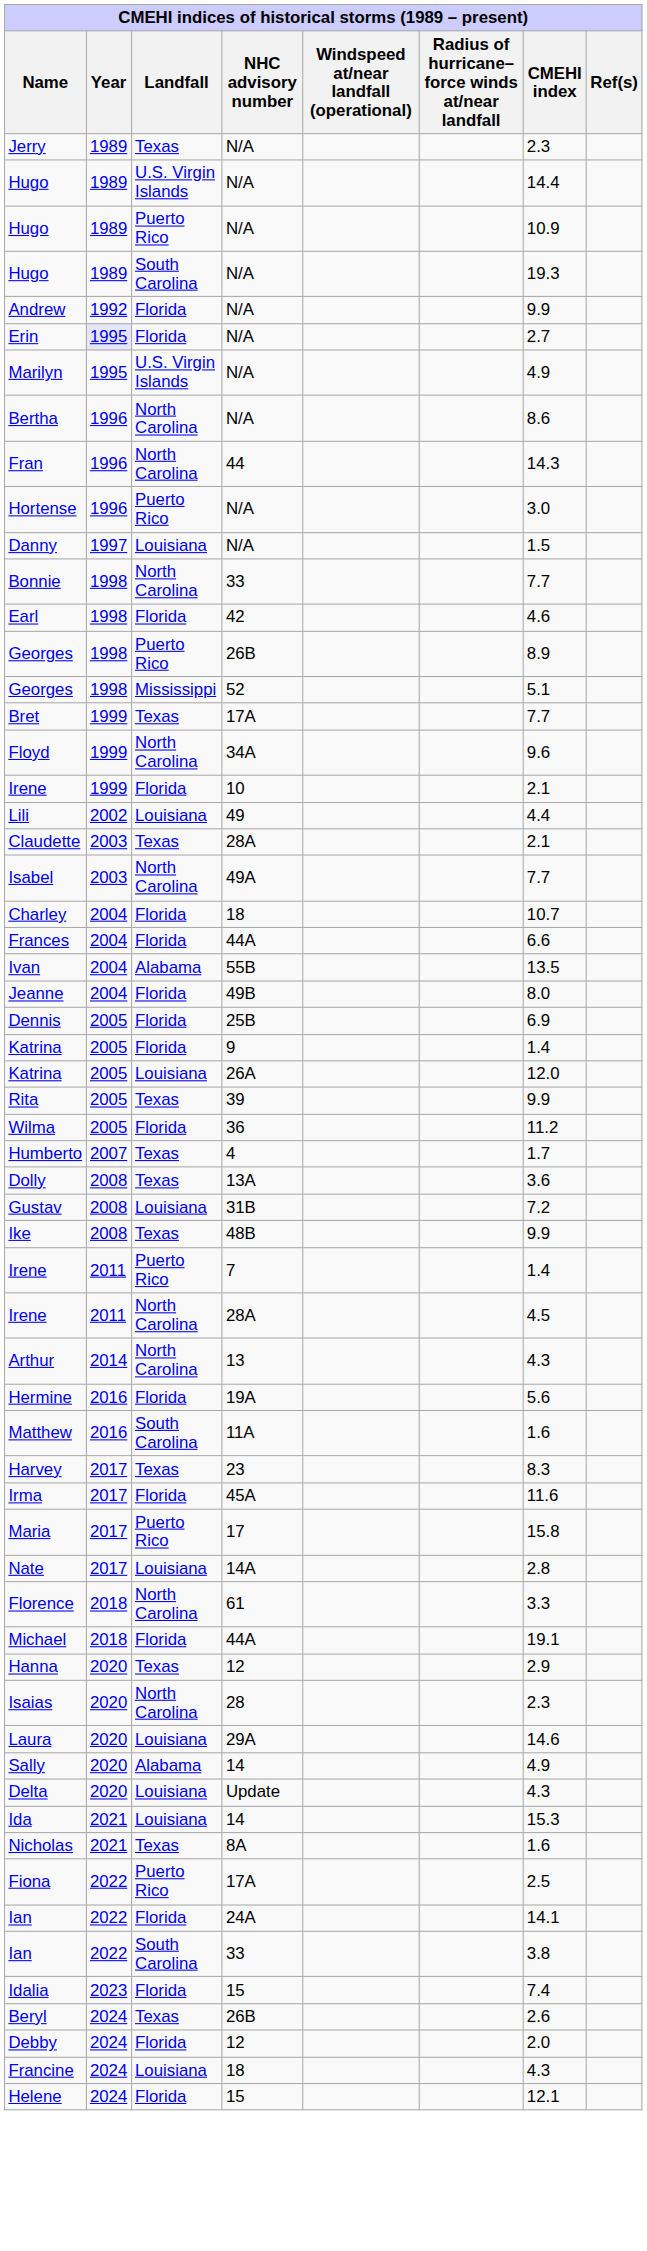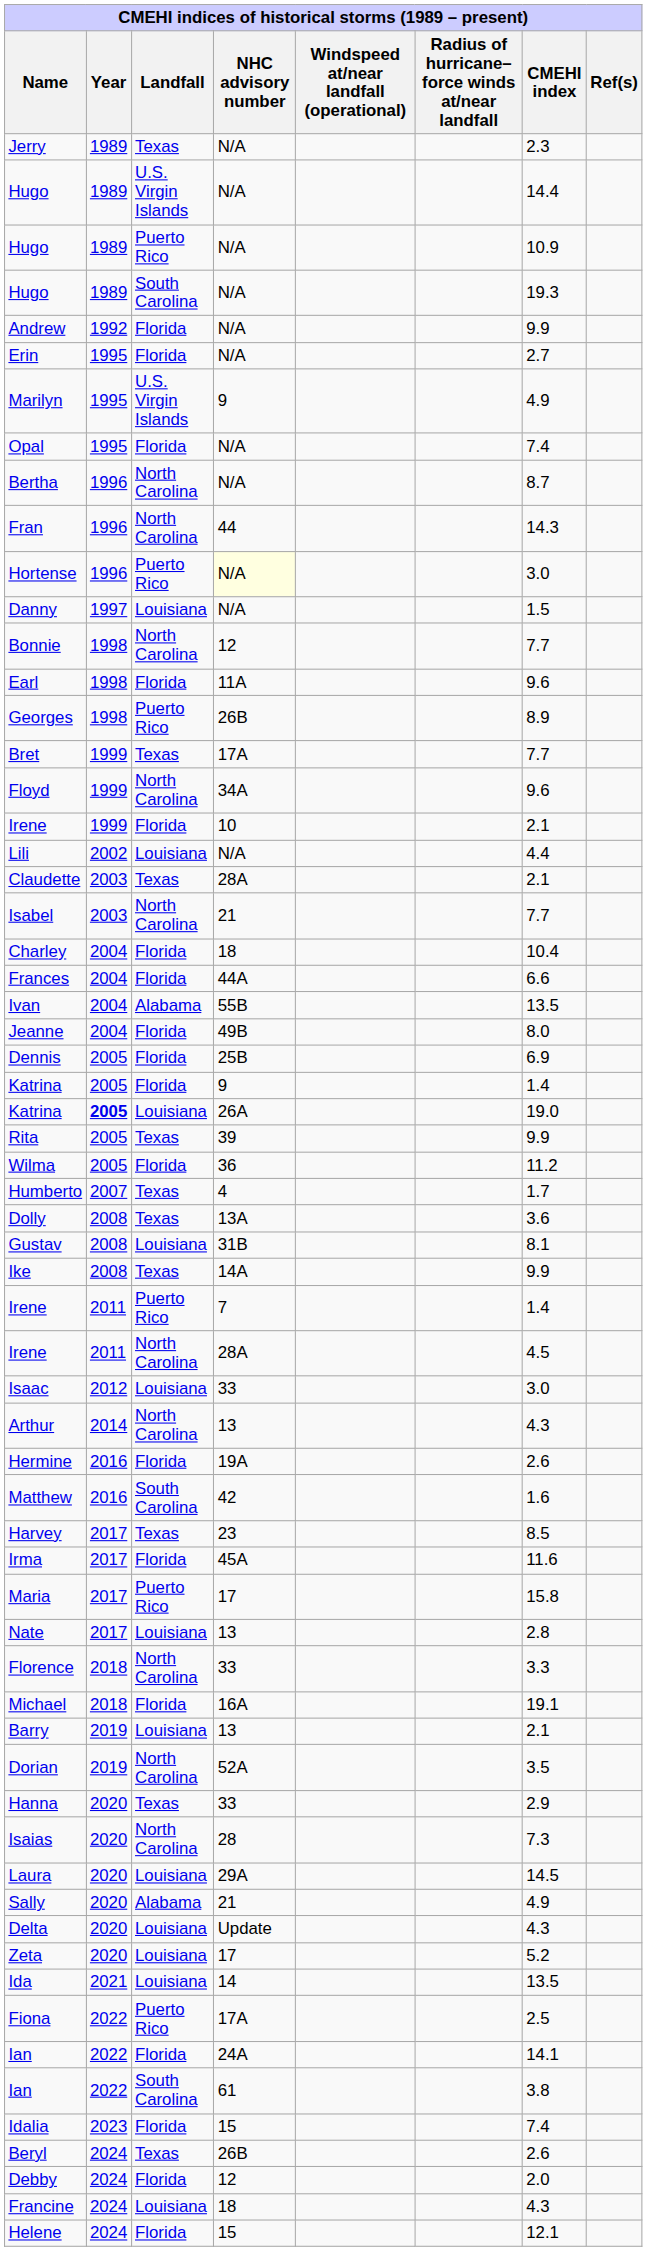 <table class="wikitable sortable">
 <tr>
 <th colspan="8" style="background:#ccf;">CMEHI indices of historical storms (1989 – present)</th>
 </tr>
 <tr>
 <th scope="col">Name</th>
 <th scope="col">Year</th>
 <th scope="col">Landfall</th>
 <th scope="col">NHC advisory number</th>
 <th scope="col">Windspeed at/near landfall (operational)</th>
 <th scope="col">Radius of hurricane–force winds at/near landfall</th>
 <th scope="col">CMEHI index</th>
 <th scope="col">Ref(s)</th>
 </tr>
 <tr>
 <td> <a href='#'>Jerry</a></td>
 <td><a href='#'>1989</a></td>
 <td><a href='#'>Texas</a></td>
 <td>N/A</td>
 <td></td>
 <td></td>
 <td>2.3</td>
 <td></td>
 </tr>
 <tr>
 <td> <a href='#'>Hugo</a></td>
 <td><a href='#'>1989</a></td>
 <td><a href='#'>U.S. Virgin Islands</a></td>
 <td>N/A</td>
 <td></td>
 <td></td>
 <td>14.4</td>
 <td></td>
 </tr>
 <tr>
 <td> <a href='#'>Hugo</a></td>
 <td><a href='#'>1989</a></td>
 <td><a href='#'>Puerto Rico</a></td>
 <td>N/A</td>
 <td></td>
 <td></td>
 <td>10.9</td>
 <td></td>
 </tr>
 <tr>
 <td> <a href='#'>Hugo</a></td>
 <td><a href='#'>1989</a></td>
 <td><a href='#'>South Carolina</a></td>
 <td>N/A</td>
 <td></td>
 <td></td>
 <td>19.3</td>
 <td></td>
 </tr>
 <tr>
 <td> <a href='#'>Andrew</a></td>
 <td><a href='#'>1992</a></td>
 <td><a href='#'>Florida</a></td>
 <td>N/A</td>
 <td></td>
 <td></td>
 <td>9.9</td>
 <td></td>
 </tr>
 <tr>
 <td> <a href='#'>Erin</a></td>
-<td style="background: lavender;"><a href='#'>1995</a></td>
+<td><a href='#'>1995</a></td>
 <td><a href='#'>Florida</a></td>
 <td>N/A</td>
 <td></td>
 <td></td>
 <td>2.7</td>
 <td></td>
 </tr>
 <tr>
 <td> <a href='#'>Marilyn</a></td>
 <td><a href='#'>1995</a></td>
 <td><a href='#'>U.S. Virgin Islands</a></td>
+<td>9</td>
+<td></td>
+<td></td>
+<td>4.9</td>
+<td></td>
+</tr>
+<tr>
+<td> <a href='#'>Opal</a></td>
+<td><a href='#'>1995</a></td>
+<td><a href='#'>Florida</a></td>
 <td>N/A</td>
 <td></td>
 <td></td>
-<td>4.9</td>
+<td>7.4</td>
 <td></td>
 </tr>
 <tr>
 <td> <a href='#'>Bertha</a></td>
 <td><a href='#'>1996</a></td>
 <td><a href='#'>North Carolina</a></td>
 <td>N/A</td>
 <td></td>
 <td></td>
-<td>8.6</td>
+<td>8.7</td>
 <td></td>
 </tr>
 <tr>
 <td> <a href='#'>Fran</a></td>
 <td><a href='#'>1996</a></td>
 <td><a href='#'>North Carolina</a></td>
 <td>44</td>
 <td></td>
 <td></td>
 <td>14.3</td>
 <td></td>
 </tr>
 <tr>
 <td> <a href='#'>Hortense</a></td>
 <td><a href='#'>1996</a></td>
 <td><a href='#'>Puerto Rico</a></td>
-<td>N/A</td>
+<td style="background: lightyellow;">N/A</td>
 <td></td>
 <td></td>
 <td>3.0</td>
 <td></td>
 </tr>
 <tr>
 <td> <a href='#'>Danny</a></td>
 <td><a href='#'>1997</a></td>
 <td><a href='#'>Louisiana</a></td>
 <td>N/A</td>
 <td></td>
 <td></td>
 <td>1.5</td>
 <td></td>
 </tr>
 <tr>
 <td> <a href='#'>Bonnie</a></td>
 <td><a href='#'>1998</a></td>
 <td><a href='#'>North Carolina</a></td>
-<td>33</td>
+<td>12</td>
 <td></td>
 <td></td>
 <td>7.7</td>
 <td></td>
 </tr>
 <tr>
 <td> <a href='#'>Earl</a></td>
 <td><a href='#'>1998</a></td>
 <td><a href='#'>Florida</a></td>
-<td>42</td>
+<td>11A</td>
 <td></td>
 <td></td>
-<td>4.6</td>
+<td>9.6</td>
 <td></td>
 </tr>
 <tr>
 <td> <a href='#'>Georges</a></td>
 <td><a href='#'>1998</a></td>
 <td><a href='#'>Puerto Rico</a></td>
 <td>26B</td>
 <td></td>
 <td></td>
 <td>8.9</td>
-<td></td>
-</tr>
-<tr>
-<td> <a href='#'>Georges</a></td>
-<td><a href='#'>1998</a></td>
-<td><a href='#'>Mississippi</a></td>
-<td>52</td>
-<td></td>
-<td></td>
-<td>5.1</td>
 <td></td>
 </tr>
 <tr>
 <td> <a href='#'>Bret</a></td>
 <td><a href='#'>1999</a></td>
 <td><a href='#'>Texas</a></td>
 <td>17A</td>
 <td></td>
 <td></td>
 <td>7.7</td>
 <td></td>
 </tr>
 <tr>
 <td> <a href='#'>Floyd</a></td>
 <td><a href='#'>1999</a></td>
 <td><a href='#'>North Carolina</a></td>
 <td>34A</td>
 <td></td>
 <td></td>
 <td>9.6</td>
 <td></td>
 </tr>
 <tr>
 <td> <a href='#'>Irene</a></td>
 <td><a href='#'>1999</a></td>
 <td><a href='#'>Florida</a></td>
 <td>10</td>
 <td></td>
 <td></td>
 <td>2.1</td>
 <td></td>
 </tr>
 <tr>
 <td> <a href='#'>Lili</a></td>
 <td><a href='#'>2002</a></td>
 <td><a href='#'>Louisiana</a></td>
-<td>49</td>
+<td>N/A</td>
 <td></td>
 <td></td>
 <td>4.4</td>
 <td></td>
 </tr>
 <tr>
 <td> <a href='#'>Claudette</a></td>
 <td><a href='#'>2003</a></td>
 <td><a href='#'>Texas</a></td>
 <td>28A</td>
 <td></td>
 <td></td>
 <td>2.1</td>
 <td></td>
 </tr>
 <tr>
 <td> <a href='#'>Isabel</a></td>
 <td><a href='#'>2003</a></td>
 <td><a href='#'>North Carolina</a></td>
-<td>49A</td>
+<td>21</td>
 <td></td>
 <td></td>
 <td>7.7</td>
 <td></td>
 </tr>
 <tr>
 <td> <a href='#'>Charley</a></td>
 <td><a href='#'>2004</a></td>
 <td><a href='#'>Florida</a></td>
 <td>18</td>
 <td></td>
 <td></td>
-<td>10.7</td>
+<td>10.4</td>
 <td></td>
 </tr>
 <tr>
 <td> <a href='#'>Frances</a></td>
 <td><a href='#'>2004</a></td>
 <td><a href='#'>Florida</a></td>
 <td>44A</td>
 <td></td>
 <td></td>
 <td>6.6</td>
 <td></td>
 </tr>
 <tr>
 <td> <a href='#'>Ivan</a></td>
 <td><a href='#'>2004</a></td>
 <td><a href='#'>Alabama</a></td>
 <td>55B</td>
 <td></td>
 <td></td>
 <td>13.5</td>
 <td></td>
 </tr>
 <tr>
 <td> <a href='#'>Jeanne</a></td>
 <td><a href='#'>2004</a></td>
 <td><a href='#'>Florida</a></td>
 <td>49B</td>
 <td></td>
 <td></td>
 <td>8.0</td>
 <td></td>
 </tr>
 <tr>
 <td> <a href='#'>Dennis</a></td>
 <td><a href='#'>2005</a></td>
 <td><a href='#'>Florida</a></td>
 <td>25B</td>
 <td></td>
 <td></td>
 <td>6.9</td>
 <td></td>
 </tr>
 <tr>
 <td> <a href='#'>Katrina</a></td>
 <td><a href='#'>2005</a></td>
 <td><a href='#'>Florida</a></td>
 <td>9</td>
 <td></td>
 <td></td>
 <td>1.4</td>
 <td></td>
 </tr>
 <tr>
 <td> <a href='#'>Katrina</a></td>
-<td><a href='#'>2005</a></td>
+<td><strong><a href='#'>2005</a></strong></td>
 <td><a href='#'>Louisiana</a></td>
 <td>26A</td>
 <td></td>
 <td></td>
-<td>12.0</td>
+<td>19.0</td>
 <td></td>
 </tr>
 <tr>
 <td> <a href='#'>Rita</a></td>
 <td><a href='#'>2005</a></td>
 <td><a href='#'>Texas</a></td>
 <td>39</td>
 <td></td>
 <td></td>
 <td>9.9</td>
 <td></td>
 </tr>
 <tr>
 <td> <a href='#'>Wilma</a></td>
 <td><a href='#'>2005</a></td>
 <td><a href='#'>Florida</a></td>
 <td>36</td>
 <td></td>
 <td></td>
 <td>11.2</td>
 <td></td>
 </tr>
 <tr>
 <td> <a href='#'>Humberto</a></td>
 <td><a href='#'>2007</a></td>
 <td><a href='#'>Texas</a></td>
 <td>4</td>
 <td></td>
 <td></td>
 <td>1.7</td>
 <td></td>
 </tr>
 <tr>
 <td> <a href='#'>Dolly</a></td>
 <td><a href='#'>2008</a></td>
 <td><a href='#'>Texas</a></td>
 <td>13A</td>
 <td></td>
 <td></td>
 <td>3.6</td>
 <td></td>
 </tr>
 <tr>
 <td> <a href='#'>Gustav</a></td>
 <td><a href='#'>2008</a></td>
 <td><a href='#'>Louisiana</a></td>
 <td>31B</td>
 <td></td>
 <td></td>
-<td>7.2</td>
+<td>8.1</td>
 <td></td>
 </tr>
 <tr>
 <td> <a href='#'>Ike</a></td>
 <td><a href='#'>2008</a></td>
 <td><a href='#'>Texas</a></td>
-<td>48B</td>
+<td>14A</td>
 <td></td>
 <td></td>
 <td>9.9</td>
 <td></td>
 </tr>
 <tr>
 <td> <a href='#'>Irene</a></td>
 <td><a href='#'>2011</a></td>
 <td><a href='#'>Puerto Rico</a></td>
 <td>7</td>
 <td></td>
 <td></td>
 <td>1.4</td>
 <td></td>
 </tr>
 <tr>
 <td> <a href='#'>Irene</a></td>
 <td><a href='#'>2011</a></td>
 <td><a href='#'>North Carolina</a></td>
 <td>28A</td>
 <td></td>
 <td></td>
 <td>4.5</td>
 <td></td>
 </tr>
 <tr>
+<td> <a href='#'>Isaac</a></td>
+<td><a href='#'>2012</a></td>
+<td><a href='#'>Louisiana</a></td>
+<td>33</td>
+<td></td>
+<td></td>
+<td>3.0</td>
+<td></td>
+</tr>
+<tr>
 <td> <a href='#'>Arthur</a></td>
 <td><a href='#'>2014</a></td>
 <td><a href='#'>North Carolina</a></td>
 <td>13</td>
 <td></td>
 <td></td>
 <td>4.3</td>
 <td></td>
 </tr>
 <tr>
 <td> <a href='#'>Hermine</a></td>
 <td><a href='#'>2016</a></td>
 <td><a href='#'>Florida</a></td>
 <td>19A</td>
 <td></td>
 <td></td>
-<td>5.6</td>
+<td>2.6</td>
 <td></td>
 </tr>
 <tr>
 <td> <a href='#'>Matthew</a></td>
 <td><a href='#'>2016</a></td>
 <td><a href='#'>South Carolina</a></td>
-<td>11A</td>
+<td>42</td>
 <td></td>
 <td></td>
 <td>1.6</td>
 <td></td>
 </tr>
 <tr>
 <td> <a href='#'>Harvey</a></td>
 <td><a href='#'>2017</a></td>
 <td><a href='#'>Texas</a></td>
 <td>23</td>
 <td></td>
 <td></td>
-<td>8.3</td>
+<td>8.5</td>
 <td></td>
 </tr>
 <tr>
 <td> <a href='#'>Irma</a></td>
 <td><a href='#'>2017</a></td>
 <td><a href='#'>Florida</a></td>
 <td>45A</td>
 <td></td>
 <td></td>
 <td>11.6</td>
 <td></td>
 </tr>
 <tr>
 <td> <a href='#'>Maria</a></td>
 <td><a href='#'>2017</a></td>
 <td><a href='#'>Puerto Rico</a></td>
 <td>17</td>
 <td></td>
 <td></td>
 <td>15.8</td>
 <td></td>
 </tr>
 <tr>
 <td> <a href='#'>Nate</a></td>
 <td><a href='#'>2017</a></td>
 <td><a href='#'>Louisiana</a></td>
-<td>14A</td>
+<td>13</td>
 <td></td>
 <td></td>
 <td>2.8</td>
 <td></td>
 </tr>
 <tr>
 <td> <a href='#'>Florence</a></td>
 <td><a href='#'>2018</a></td>
 <td><a href='#'>North Carolina</a></td>
-<td>61</td>
+<td>33</td>
 <td></td>
 <td></td>
 <td>3.3</td>
 <td></td>
 </tr>
 <tr>
 <td> <a href='#'>Michael</a></td>
 <td><a href='#'>2018</a></td>
 <td><a href='#'>Florida</a></td>
-<td>44A</td>
+<td>16A</td>
 <td></td>
 <td></td>
 <td>19.1</td>
 <td></td>
 </tr>
 <tr>
+<td> <a href='#'>Barry</a></td>
+<td><a href='#'>2019</a></td>
+<td><a href='#'>Louisiana</a></td>
+<td>13</td>
+<td></td>
+<td></td>
+<td>2.1</td>
+<td></td>
+</tr>
+<tr>
+<td> <a href='#'>Dorian</a></td>
+<td><a href='#'>2019</a></td>
+<td><a href='#'>North Carolina</a></td>
+<td>52A</td>
+<td></td>
+<td></td>
+<td>3.5</td>
+<td></td>
+</tr>
+<tr>
 <td> <a href='#'>Hanna</a></td>
 <td><a href='#'>2020</a></td>
 <td><a href='#'>Texas</a></td>
-<td>12</td>
+<td>33</td>
 <td></td>
 <td></td>
 <td>2.9</td>
 <td></td>
 </tr>
 <tr>
 <td> <a href='#'>Isaias</a></td>
 <td><a href='#'>2020</a></td>
 <td><a href='#'>North Carolina</a></td>
 <td>28</td>
 <td></td>
 <td></td>
-<td>2.3</td>
+<td>7.3</td>
 <td></td>
 </tr>
 <tr>
 <td> <a href='#'>Laura</a></td>
 <td><a href='#'>2020</a></td>
 <td><a href='#'>Louisiana</a></td>
 <td>29A</td>
 <td></td>
 <td></td>
-<td>14.6</td>
+<td>14.5</td>
 <td></td>
 </tr>
 <tr>
 <td> <a href='#'>Sally</a></td>
 <td><a href='#'>2020</a></td>
 <td><a href='#'>Alabama</a></td>
-<td>14</td>
+<td>21</td>
 <td></td>
 <td></td>
 <td>4.9</td>
 <td></td>
 </tr>
 <tr>
 <td> <a href='#'>Delta</a></td>
 <td><a href='#'>2020</a></td>
 <td><a href='#'>Louisiana</a></td>
 <td>Update</td>
 <td></td>
 <td></td>
 <td>4.3</td>
 <td></td>
 </tr>
 <tr>
+<td> <a href='#'>Zeta</a></td>
+<td><a href='#'>2020</a></td>
+<td><a href='#'>Louisiana</a></td>
+<td>17</td>
+<td></td>
+<td></td>
+<td>5.2</td>
+<td></td>
+</tr>
+<tr>
 <td> <a href='#'>Ida</a></td>
 <td><a href='#'>2021</a></td>
 <td><a href='#'>Louisiana</a></td>
 <td>14</td>
 <td></td>
 <td></td>
-<td>15.3</td>
-<td></td>
-</tr>
-<tr>
-<td> <a href='#'>Nicholas</a></td>
-<td><a href='#'>2021</a></td>
-<td><a href='#'>Texas</a></td>
-<td>8A</td>
-<td></td>
-<td></td>
-<td>1.6</td>
+<td>13.5</td>
 <td></td>
 </tr>
 <tr>
 <td> <a href='#'>Fiona</a></td>
 <td><a href='#'>2022</a></td>
 <td><a href='#'>Puerto Rico</a></td>
 <td>17A</td>
 <td></td>
 <td></td>
 <td>2.5</td>
 <td></td>
 </tr>
 <tr>
 <td> <a href='#'>Ian</a></td>
 <td><a href='#'>2022</a></td>
 <td><a href='#'>Florida</a></td>
 <td>24A</td>
 <td></td>
 <td></td>
 <td>14.1</td>
 <td></td>
 </tr>
 <tr>
 <td> <a href='#'>Ian</a></td>
 <td><a href='#'>2022</a></td>
 <td><a href='#'>South Carolina</a></td>
-<td>33</td>
+<td>61</td>
 <td></td>
 <td></td>
 <td>3.8</td>
 <td></td>
 </tr>
 <tr>
 <td> <a href='#'>Idalia</a></td>
 <td><a href='#'>2023</a></td>
 <td><a href='#'>Florida</a></td>
 <td>15</td>
 <td></td>
 <td></td>
 <td>7.4</td>
 <td></td>
 </tr>
 <tr>
 <td> <a href='#'>Beryl</a></td>
 <td><a href='#'>2024</a></td>
 <td><a href='#'>Texas</a></td>
 <td>26B</td>
 <td></td>
 <td></td>
 <td>2.6</td>
 <td></td>
 </tr>
 <tr>
 <td> <a href='#'>Debby</a></td>
 <td><a href='#'>2024</a></td>
 <td><a href='#'>Florida</a></td>
 <td>12</td>
 <td></td>
 <td></td>
 <td>2.0</td>
 <td></td>
 </tr>
 <tr>
 <td> <a href='#'>Francine</a></td>
 <td><a href='#'>2024</a></td>
 <td><a href='#'>Louisiana</a></td>
 <td>18</td>
 <td></td>
 <td></td>
 <td>4.3</td>
 <td></td>
 </tr>
 <tr>
 <td> <a href='#'>Helene</a></td>
 <td><a href='#'>2024</a></td>
 <td><a href='#'>Florida</a></td>
 <td>15</td>
 <td></td>
 <td></td>
 <td>12.1</td>
 <td></td>
 </tr>
 </table>
